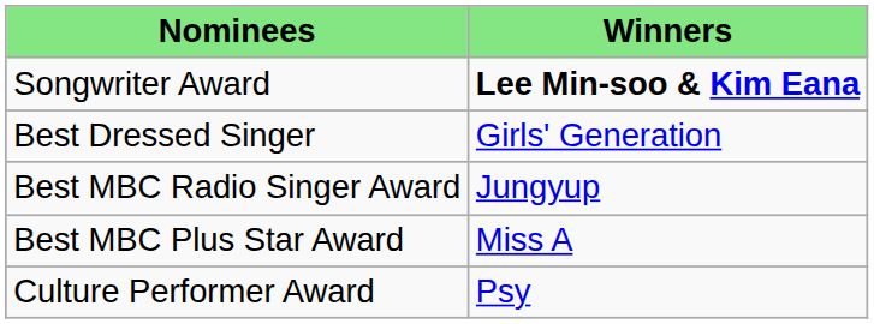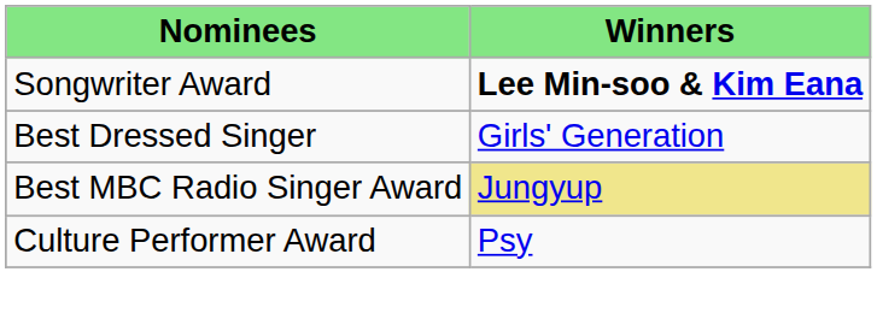 <table class="wikitable">
 <tr>
 <th style="background:#83e683;">Nominees</th>
 <th style="background:#83e683;">Winners</th>
 </tr>
 <tr>
 <td>Songwriter Award</td>
 <td><strong>Lee Min-soo & <a href='#'>Kim Eana</a></strong></td>
 </tr>
 <tr>
 <td>Best Dressed Singer</td>
 <td><a href='#'>Girls' Generation</a></td>
 </tr>
 <tr>
 <td>Best MBC Radio Singer Award</td>
-<td><a href='#'>Jungyup</a></td>
-</tr>
-<tr>
-<td>Best MBC Plus Star Award</td>
-<td><a href='#'>Miss A</a></td>
+<td style="background: khaki;"><a href='#'>Jungyup</a></td>
 </tr>
 <tr>
 <td>Culture Performer Award</td>
 <td><a href='#'>Psy</a></td>
 </tr>
 </table>
